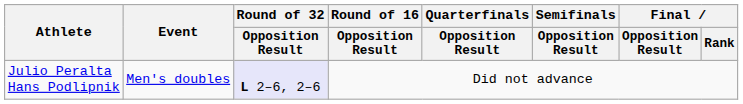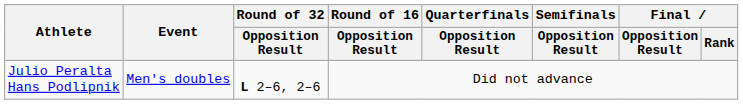 <table class="wikitable" style="font-size:90%;">
 <tr>
 <th rowspan=2>Athlete</th>
 <th rowspan=2>Event</th>
 <th>Round of 32</th>
 <th>Round of 16</th>
 <th>Quarterfinals</th>
 <th>Semifinals</th>
 <th colspan=2>Final / </th>
 </tr>
 <tr style="font-size:95%">
 <th>Opposition<br>Result</th>
 <th>Opposition<br>Result</th>
 <th>Opposition<br>Result</th>
 <th>Opposition<br>Result</th>
 <th>Opposition<br>Result</th>
 <th>Rank</th>
 </tr>
 <tr align=center>
 <td align=left><a href='#'>Julio Peralta</a><br><a href='#'>Hans Podlipnik</a></td>
 <td align=left><a href='#'>Men's doubles</a></td>
-<td style="background: lavender;"><br><strong>L</strong> 2–6, 2–6</td>
+<td><br><strong>L</strong> 2–6, 2–6</td>
 <td colspan=5>Did not advance</td>
 </tr>
 </table>
